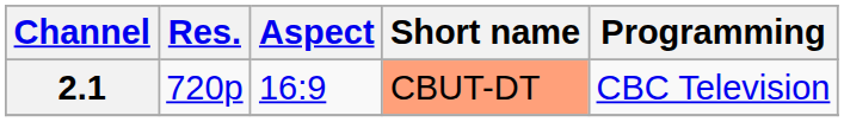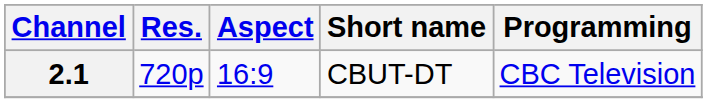 <table class="wikitable">
 <tr>
 <th scope = "col"><a href='#'>Channel</a></th>
 <th scope = "col"><a href='#'>Res.</a></th>
 <th scope = "col"><a href='#'>Aspect</a></th>
 <th scope = "col">Short name</th>
 <th scope = "col">Programming</th>
 </tr>
 <tr>
 <th scope = "row">2.1</th>
 <td><a href='#'>720p</a></td>
 <td><a href='#'>16:9</a></td>
-<td style="background: lightsalmon;">CBUT-DT</td>
+<td>CBUT-DT</td>
 <td><a href='#'>CBC Television</a></td>
 </tr>
 <tr>
 </tr>
 </table>
